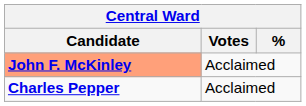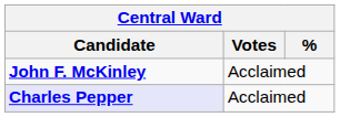 <table class="wikitable">
 <tr>
 <th colspan="3"><a href='#'>Central Ward</a></th>
 </tr>
 <tr>
 <th style="width: 200px">Candidate</th>
 <th style="width: 50px">Votes</th>
 <th style="width: 40px">%</th>
 </tr>
 <tr>
-<td style="background: lightsalmon;"><strong><a href='#'>John F. McKinley</a></strong></td>
+<td><strong><a href='#'>John F. McKinley</a></strong></td>
 <td colspan="2">Acclaimed</td>
 </tr>
 <tr>
-<td><strong><a href='#'>Charles Pepper</a></strong></td>
+<td style="background: lavender;"><strong><a href='#'>Charles Pepper</a></strong></td>
 <td colspan="2">Acclaimed</td>
 </tr>
 </table>
